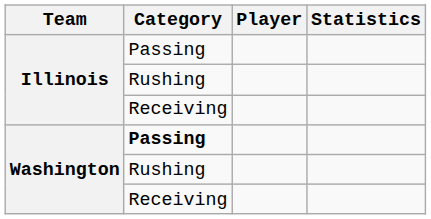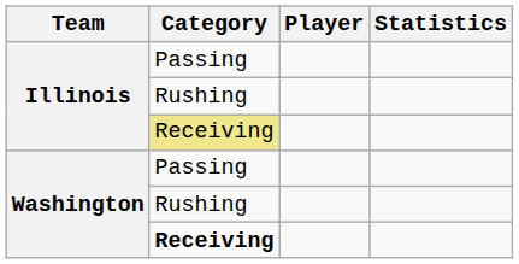 <table class="wikitable" style="float:right">
 <tr>
 <th>Team</th>
 <th>Category</th>
 <th>Player</th>
 <th>Statistics</th>
 </tr>
 <tr>
 <th rowspan=3>Illinois</th>
 <td>Passing</td>
 <td></td>
 <td></td>
 </tr>
 <tr>
 <td>Rushing</td>
 <td></td>
 <td></td>
 </tr>
 <tr>
-<td>Receiving</td>
+<td style="background: khaki;">Receiving</td>
 <td></td>
 <td></td>
 </tr>
 <tr>
 <th rowspan=3>Washington</th>
-<td><strong>Passing</strong></td>
+<td>Passing</td>
 <td></td>
 <td></td>
 </tr>
 <tr>
 <td>Rushing</td>
 <td></td>
 <td></td>
 </tr>
 <tr>
-<td>Receiving</td>
+<td><strong>Receiving</strong></td>
 <td></td>
 <td></td>
 </tr>
 </table>
